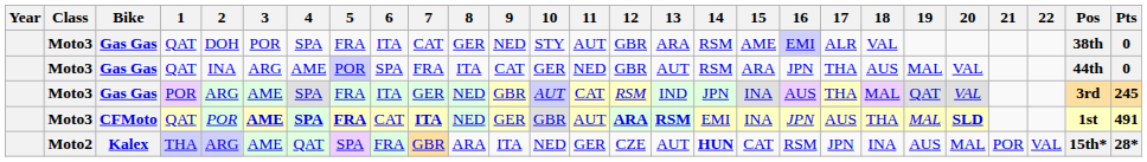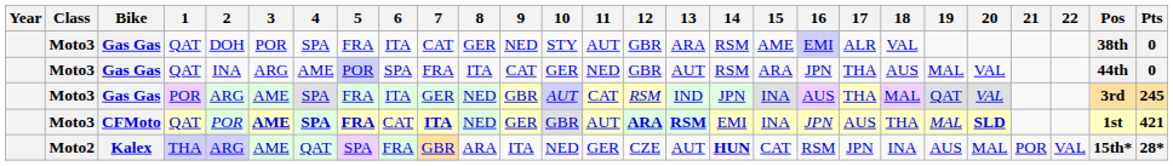 <table class="wikitable" style="text-align:center;">
 <tr>
 <th>Year</th>
 <th>Class</th>
 <th>Bike</th>
 <th>1</th>
 <th>2</th>
 <th>3</th>
 <th>4</th>
 <th>5</th>
 <th>6</th>
 <th>7</th>
 <th>8</th>
 <th>9</th>
 <th>10</th>
 <th>11</th>
 <th>12</th>
 <th>13</th>
 <th>14</th>
 <th>15</th>
 <th>16</th>
 <th>17</th>
 <th>18</th>
 <th>19</th>
 <th>20</th>
 <th>21</th>
 <th>22</th>
 <th>Pos</th>
 <th>Pts</th>
 </tr>
 <tr>
 <th></th>
 <th>Moto3</th>
 <th nowrap><a href='#'>Gas Gas</a></th>
 <td><a href='#'>QAT</a></td>
 <td><a href='#'>DOH</a></td>
 <td><a href='#'>POR</a></td>
 <td><a href='#'>SPA</a></td>
 <td><a href='#'>FRA</a></td>
 <td><a href='#'>ITA</a></td>
 <td><a href='#'>CAT</a></td>
 <td><a href='#'>GER</a></td>
 <td><a href='#'>NED</a></td>
 <td><a href='#'>STY</a></td>
 <td><a href='#'>AUT</a></td>
 <td><a href='#'>GBR</a></td>
 <td><a href='#'>ARA</a></td>
 <td><a href='#'>RSM</a></td>
 <td><a href='#'>AME</a></td>
 <td style="background:#CFCFFF;"><a href='#'>EMI</a><br></td>
 <td><a href='#'>ALR</a></td>
 <td><a href='#'>VAL</a></td>
 <td></td>
 <td></td>
 <td></td>
 <td></td>
 <th>38th</th>
 <th>0</th>
 </tr>
 <tr>
 <th></th>
 <th>Moto3</th>
 <th><a href='#'>Gas Gas</a></th>
 <td><a href='#'>QAT</a></td>
 <td><a href='#'>INA</a></td>
 <td><a href='#'>ARG</a></td>
 <td><a href='#'>AME</a></td>
 <td style="background:#CFCFFF;"><a href='#'>POR</a><br></td>
 <td><a href='#'>SPA</a></td>
 <td><a href='#'>FRA</a></td>
 <td><a href='#'>ITA</a></td>
 <td><a href='#'>CAT</a></td>
 <td><a href='#'>GER</a></td>
 <td><a href='#'>NED</a></td>
 <td><a href='#'>GBR</a></td>
 <td><a href='#'>AUT</a></td>
 <td><a href='#'>RSM</a></td>
 <td><a href='#'>ARA</a></td>
 <td><a href='#'>JPN</a></td>
 <td><a href='#'>THA</a></td>
 <td><a href='#'>AUS</a></td>
 <td><a href='#'>MAL</a></td>
 <td><a href='#'>VAL</a></td>
 <td></td>
 <td></td>
 <th>44th</th>
 <th>0</th>
 </tr>
 <tr>
 <th></th>
 <th>Moto3</th>
 <th><a href='#'>Gas Gas</a></th>
 <td style="background:#efcfff;"><a href='#'>POR</a><br></td>
 <td style="background:#dfffdf;"><a href='#'>ARG</a><br></td>
 <td style="background:#dfffdf;"><a href='#'>AME</a><br></td>
 <td style="background:#dfdfdf;"><a href='#'>SPA</a><br></td>
 <td style="background:#dfffdf;"><a href='#'>FRA</a><br></td>
 <td style="background:#dfffdf;"><a href='#'>ITA</a><br></td>
 <td style="background:#dfffdf;"><a href='#'>GER</a><br></td>
 <td style="background:#dfffdf;"><a href='#'>NED</a><br></td>
 <td style="background:#ffffbf;"><a href='#'>GBR</a><br></td>
 <td style="background:#cfcfff;"><em><a href='#'>AUT</a></em><br></td>
 <td style="background:#ffffbf;"><a href='#'>CAT</a><br></td>
 <td style="background:#ffffbf;"><em><a href='#'>RSM</a></em><br></td>
 <td style="background:#dfffdf;"><a href='#'>IND</a><br></td>
 <td style="background:#dfffdf;"><a href='#'>JPN</a><br></td>
 <td style="background:#dfdfdf;"><a href='#'>INA</a><br></td>
 <td style="background:#efcfff;"><a href='#'>AUS</a><br></td>
 <td style="background:#ffffbf;"><a href='#'>THA</a><br></td>
 <td style="background:#efcfff;"><a href='#'>MAL</a><br></td>
 <td style="background:#dfdfdf;"><a href='#'>QAT</a><br></td>
 <td style="background:#dfdfdf;"><em><a href='#'>VAL</a></em><br></td>
 <td></td>
 <td></td>
 <th style="background:#ffdf9f;">3rd</th>
 <th style="background:#ffdf9f;">245</th>
 </tr>
 <tr>
 <th></th>
 <th>Moto3</th>
 <th><a href='#'>CFMoto</a></th>
 <td style="background:#ffffbf;"><a href='#'>QAT</a><br></td>
 <td style="background:#dfffdf;"><em><a href='#'>POR</a></em><br></td>
 <td style="background:#ffffbf;"><strong> <a href='#'>AME</a></strong><br></td>
 <td style="background:#dfffdf;”"><strong><a href='#'>SPA</a> </strong> <br></td>
 <td style="background:#ffffbf;"><strong> <a href='#'>FRA</a> </strong> <br></td>
 <td style="background:#ffffbf;"><a href='#'>CAT</a><br></td>
 <td style="background:#ffffbf;"><strong> <a href='#'>ITA</a> </strong> <br></td>
 <td style="background:#dfffdf;”"><a href='#'>NED</a><br></td>
 <td style="background:#ffffbf;"><a href='#'>GER</a> <br></td>
 <td style="background:#dfdfdf;"><a href='#'>GBR</a><br></td>
 <td style="background:#ffffbf;"><a href='#'>AUT</a><br></td>
 <td style="background:#dfffdf;"><strong> <a href='#'>ARA</a> </strong> <br></td>
 <td style="background:#dfffdf;"><strong> <a href='#'>RSM</a> </strong> <br></td>
 <td style="background:#ffffbf;"><a href='#'>EMI</a><br></td>
 <td style="background:#ffffbf;"><a href='#'>INA</a><br></td>
 <td style="background:#ffffbf;"><em><a href='#'>JPN</a></em><br></td>
 <td style="background:#ffffbf;"><a href='#'>AUS</a><br></td>
 <td style="background:#ffffbf;"><a href='#'>THA</a><br></td>
 <td style="background:#ffffbf;"><em><a href='#'>MAL</a></em><br></td>
 <td style="background:#ffffbf;"><strong> <a href='#'>SLD</a> </strong> <br></td>
 <td></td>
 <td></td>
 <th style="background:#ffffbf;">1st</th>
-<th style="background:#ffffbf;">491</th>
+<th style="background:#ffffbf;">421</th>
 </tr>
 <tr>
 <th></th>
 <th>Moto2</th>
 <th><a href='#'>Kalex</a></th>
 <td style="background:#CFCFFF;"><a href='#'>THA</a><br></td>
 <td style="background:#CFCFFF;"><a href='#'>ARG</a><br></td>
 <td style="background:#DFFFDF;"><a href='#'>AME</a><br></td>
 <td style="background:#DFFFDF;"><a href='#'>QAT</a><br></td>
 <td style="background:#EFCFFF;"><a href='#'>SPA</a><br></td>
 <td style="background:#DFFFDF;"><a href='#'>FRA</a><br></td>
 <td style="background:#FFDF9F;"><a href='#'>GBR</a><br></td>
 <td style="background:#;"><a href='#'>ARA</a><br></td>
 <td style="background:#;"><a href='#'>ITA</a><br></td>
 <td style="background:#;"><a href='#'>NED</a><br></td>
 <td style="background:#;"><a href='#'>GER</a><br></td>
 <td style="background:#;"><a href='#'>CZE</a><br></td>
 <td style="background:#;"><a href='#'>AUT</a><br></td>
 <td style="background:#;"><strong><a href='#'>HUN</a><br></strong></td>
 <td style="background:#;"><a href='#'>CAT</a><br></td>
 <td style="background:#;"><a href='#'>RSM</a><br></td>
 <td style="background:#;"><a href='#'>JPN</a><br></td>
 <td style="background:#;"><a href='#'>INA</a><br></td>
 <td style="background:#;"><a href='#'>AUS</a><br></td>
 <td style="background:#;"><a href='#'>MAL</a><br></td>
 <td style="background:#;"><a href='#'>POR</a><br></td>
 <td style="background:#;"><a href='#'>VAL</a><br></td>
 <th>15th*</th>
 <th>28*</th>
 </tr>
 </table>
